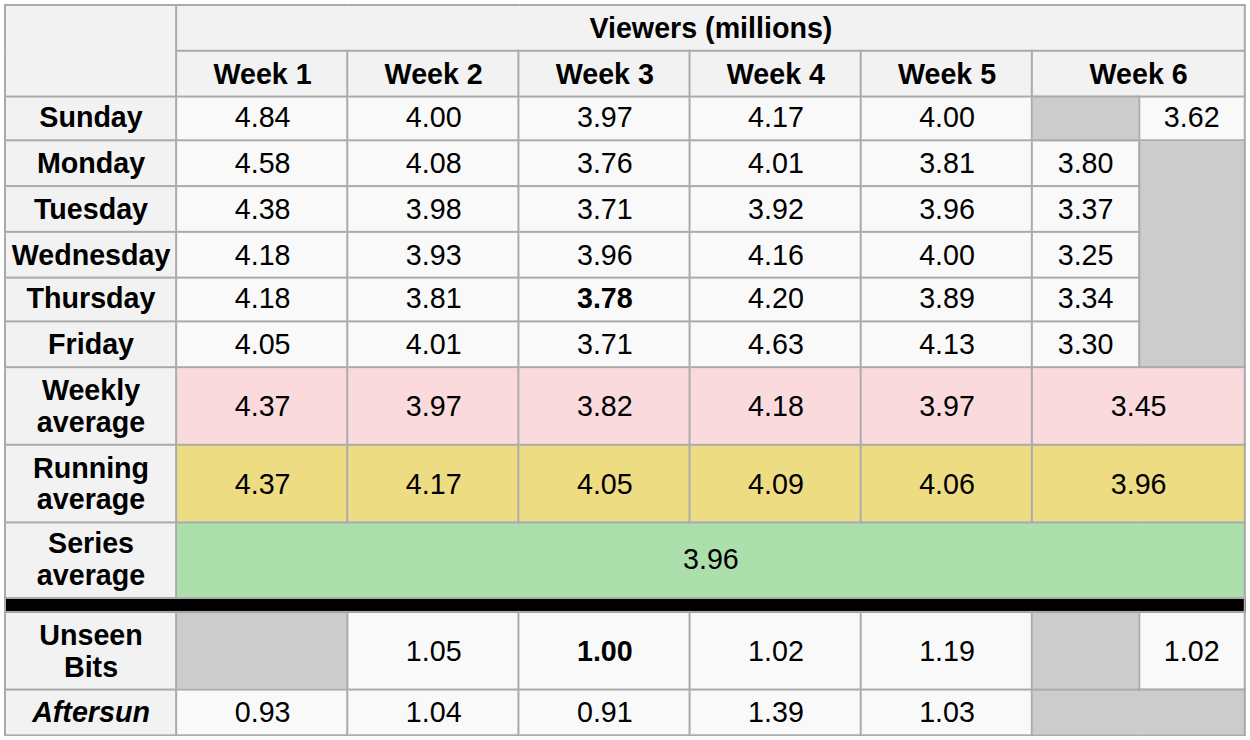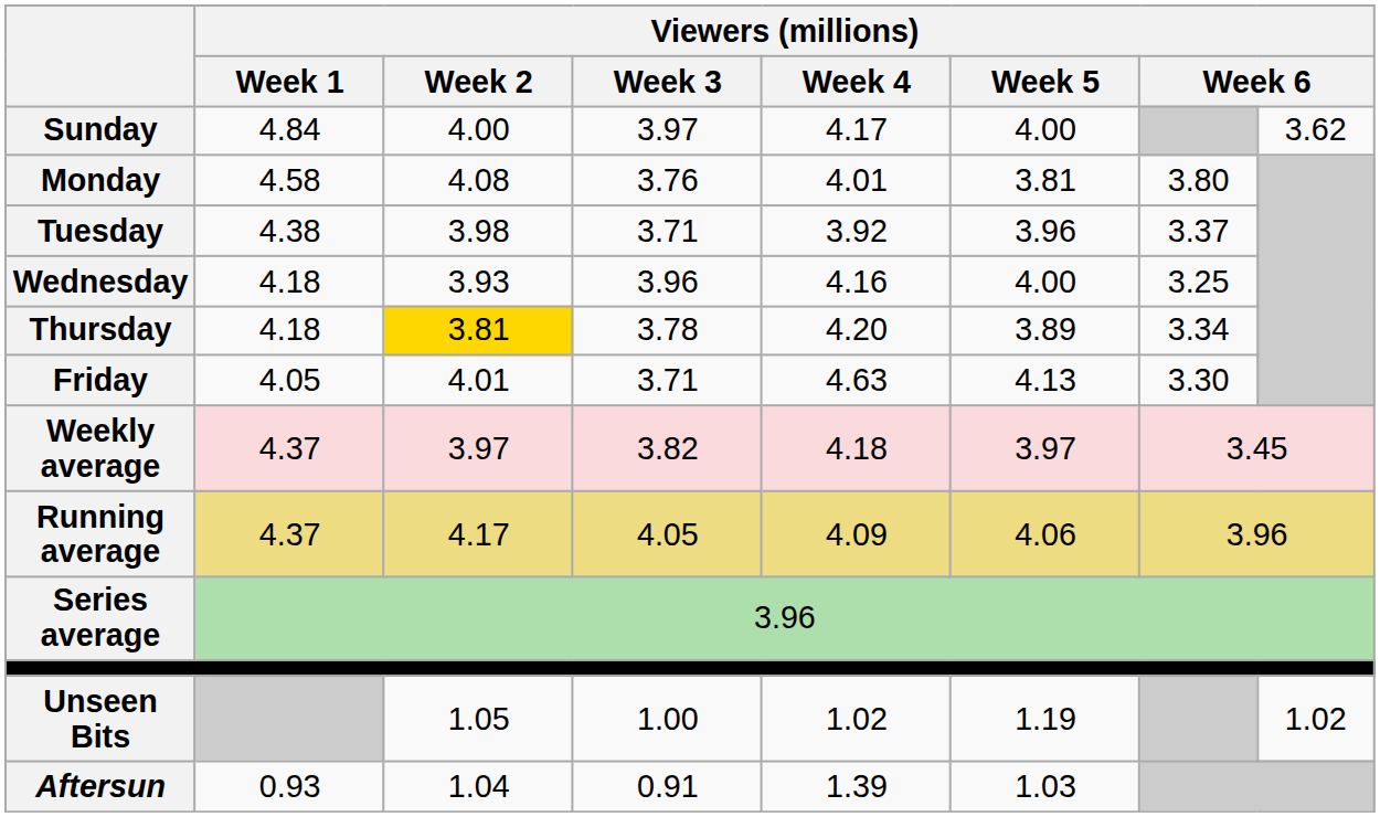 <table class="wikitable" style="font-size:90%; text-align:center; width: 100%; margin-left: auto; margin-right: auto;">
 <tr>
 <th scope="col" rowspan="2" style="width:12%;"></th>
 <th scope=col colspan=7>Viewers (millions)</th>
 </tr>
 <tr>
 <th>Week 1</th>
 <th>Week 2</th>
 <th>Week 3</th>
 <th>Week 4</th>
 <th>Week 5</th>
 <th colspan="2">Week 6</th>
 </tr>
 <tr>
 <th>Sunday</th>
 <td>4.84</td>
 <td>4.00</td>
 <td>3.97</td>
 <td>4.17</td>
 <td>4.00</td>
 <td style="background:#ccc;"></td>
 <td>3.62</td>
 </tr>
 <tr>
 <th>Monday</th>
 <td>4.58</td>
 <td>4.08</td>
 <td>3.76</td>
 <td>4.01</td>
 <td>3.81</td>
 <td>3.80</td>
 <td rowspan="5" style="background:#ccc;"></td>
 </tr>
 <tr>
 <th>Tuesday</th>
 <td>4.38</td>
 <td>3.98</td>
 <td>3.71</td>
 <td>3.92</td>
 <td>3.96</td>
 <td>3.37</td>
 </tr>
 <tr>
 <th>Wednesday</th>
 <td>4.18</td>
 <td>3.93</td>
 <td>3.96</td>
 <td>4.16</td>
 <td>4.00</td>
 <td>3.25</td>
 </tr>
 <tr>
 <th>Thursday</th>
 <td>4.18</td>
-<td>3.81</td>
-<td><strong>3.78</strong></td>
+<td style="background: gold;">3.81</td>
+<td>3.78</td>
 <td>4.20</td>
 <td>3.89</td>
 <td>3.34</td>
 </tr>
 <tr>
 <th>Friday</th>
 <td>4.05</td>
 <td>4.01</td>
 <td>3.71</td>
 <td>4.63</td>
 <td>4.13</td>
 <td>3.30</td>
 </tr>
 <tr>
 <th>Weekly average</th>
 <td style="background:#FADADD;">4.37</td>
 <td style="background:#FADADD;">3.97</td>
 <td style="background:#FADADD;">3.82</td>
 <td style="background:#FADADD;">4.18</td>
 <td style="background:#FADADD;">3.97</td>
 <td colspan="2" style="background:#FADADD;">3.45</td>
 </tr>
 <tr>
 <th>Running average</th>
 <td style="background:#EEDC82;">4.37</td>
 <td style="background:#EEDC82;">4.17</td>
 <td style="background:#EEDC82;">4.05</td>
 <td style="background:#EEDC82;">4.09</td>
 <td style="background:#EEDC82;">4.06</td>
 <td colspan="2" style="background:#EEDC82;">3.96</td>
 </tr>
 <tr>
 <th>Series average</th>
 <td colspan="7" style="background:#ADDFAD;">3.96</td>
 </tr>
 <tr>
 <th colspan="10" style="background:#000"></th>
 </tr>
 <tr>
 <th>Unseen Bits</th>
 <td style="background:#ccc;"></td>
 <td>1.05</td>
-<td><strong>1.00</strong></td>
+<td>1.00</td>
 <td>1.02</td>
 <td>1.19</td>
 <td style="background:#ccc"></td>
 <td>1.02</td>
 </tr>
 <tr>
 <th><em>Aftersun</em></th>
 <td>0.93</td>
 <td>1.04</td>
 <td>0.91</td>
 <td>1.39</td>
 <td>1.03</td>
 <td colspan="2" style="background:#ccc"></td>
 </tr>
 </table>
